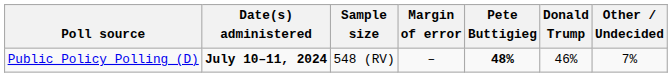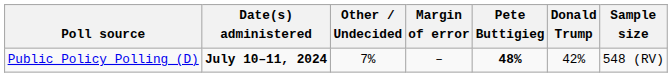 <table class="wikitable sortable mw-datatable" style="font-size:90%;text-align:center;line-height:17px">
 <tr valign=bottom>
 <th>Poll source</th>
 <th>Date(s)<br>administered</th>
-<th>Sample<br>size</th>
+<th class="unsortable">Other /<br>Undecided</th>
 <th>Margin<br>of error</th>
 <th class="unsortable">Pete<br>Buttigieg<br></th>
 <th class="unsortable">Donald<br>Trump<br></th>
-<th class="unsortable">Other /<br>Undecided</th>
+<th>Sample<br>size</th>
 </tr>
 <tr>
 <td style="text-align:left;"><a href='#'>Public Policy Polling (D)</a></td>
 <td data-sort-value="2024-07-22"><strong>July 10–11, 2024</strong></td>
-<td>548 (RV)</td>
+<td>7%</td>
 <td>–</td>
 <td style="color:black;background-color:"><strong>48%</strong></td>
-<td>46%</td>
-<td>7%</td>
+<td>42%</td>
+<td>548 (RV)</td>
 </tr>
 </table>
